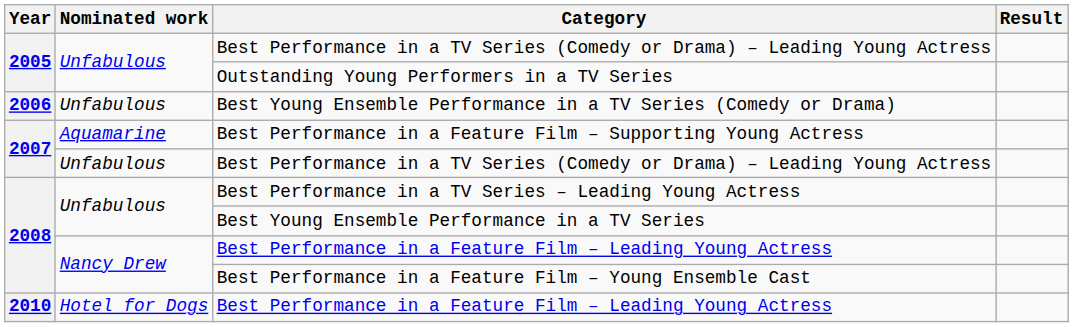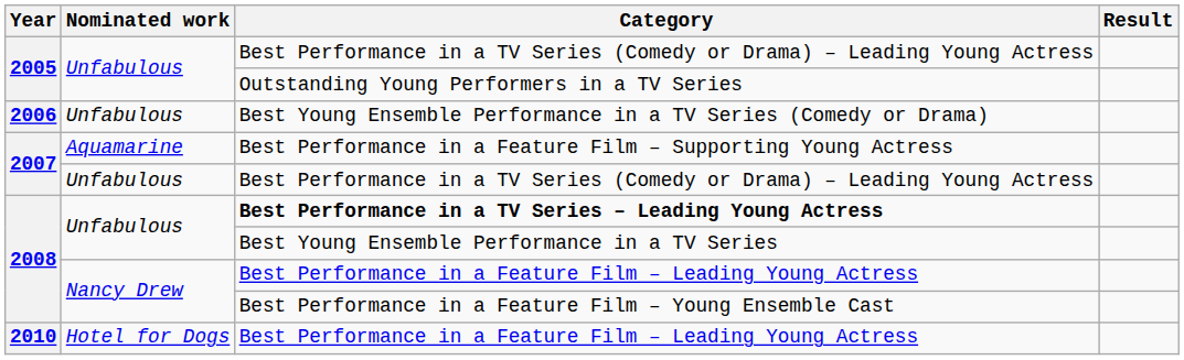 <table class="wikitable plainrowheaders">
 <tr>
 <th scope="col">Year</th>
 <th scope="col">Nominated work</th>
 <th scope="col">Category</th>
 <th scope="col">Result</th>
 </tr>
 <tr>
 <th scope="row" style="text-align:center;" rowspan=2><a href='#'>2005</a></th>
 <td rowspan=2><em><a href='#'>Unfabulous</a></em></td>
 <td>Best Performance in a TV Series (Comedy or Drama) – Leading Young Actress</td>
 <td></td>
 </tr>
 <tr>
 <td>Outstanding Young Performers in a TV Series<br></td>
 <td></td>
 </tr>
 <tr>
 <th scope="row" style="text-align:center;"><a href='#'>2006</a></th>
 <td><em>Unfabulous</em></td>
 <td>Best Young Ensemble Performance in a TV Series (Comedy or Drama)</td>
 <td></td>
 </tr>
 <tr>
 <th scope="row" style="text-align:center;" rowspan=2><a href='#'>2007</a></th>
 <td><em><a href='#'>Aquamarine</a></em></td>
 <td>Best Performance in a Feature Film – Supporting Young Actress</td>
 <td></td>
 </tr>
 <tr>
 <td><em>Unfabulous</em></td>
 <td>Best Performance in a TV Series (Comedy or Drama) – Leading Young Actress</td>
 <td></td>
 </tr>
 <tr>
 <th scope="row" style="text-align:center;" rowspan=4><a href='#'>2008</a></th>
 <td rowspan=2><em>Unfabulous</em></td>
-<td>Best Performance in a TV Series – Leading Young Actress</td>
+<td><strong>Best Performance in a TV Series – Leading Young Actress</strong></td>
 <td></td>
 </tr>
 <tr>
 <td>Best Young Ensemble Performance in a TV Series</td>
 <td></td>
 </tr>
 <tr>
 <td rowspan=2><em><a href='#'>Nancy Drew</a></em></td>
 <td><a href='#'>Best Performance in a Feature Film – Leading Young Actress</a></td>
 <td></td>
 </tr>
 <tr>
 <td>Best Performance in a Feature Film – Young Ensemble Cast<br></td>
 <td></td>
 </tr>
 <tr>
 <th scope="row" style="text-align:center;"><a href='#'>2010</a></th>
 <td><em><a href='#'>Hotel for Dogs</a></em></td>
 <td><a href='#'>Best Performance in a Feature Film – Leading Young Actress</a></td>
 <td></td>
 </tr>
 </table>
